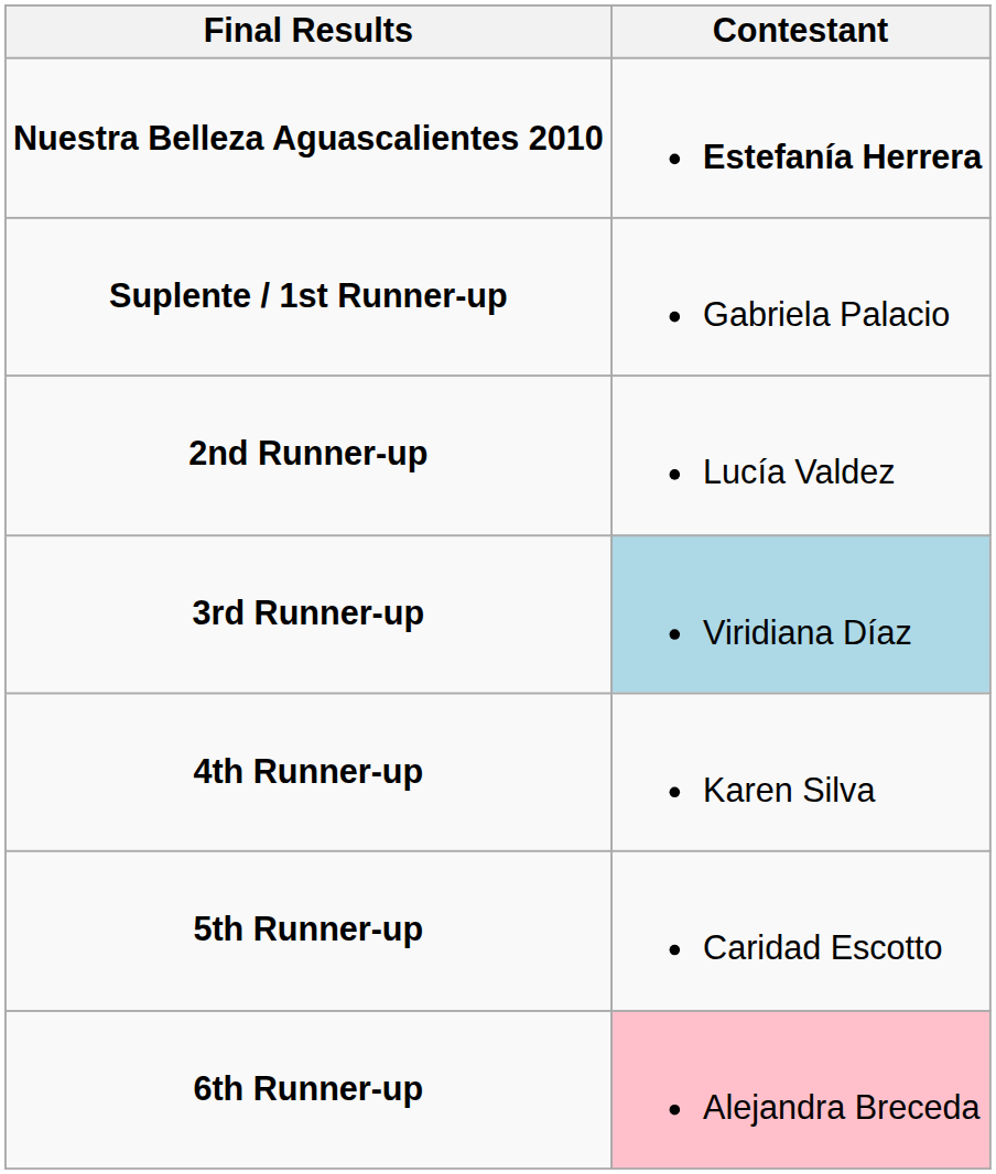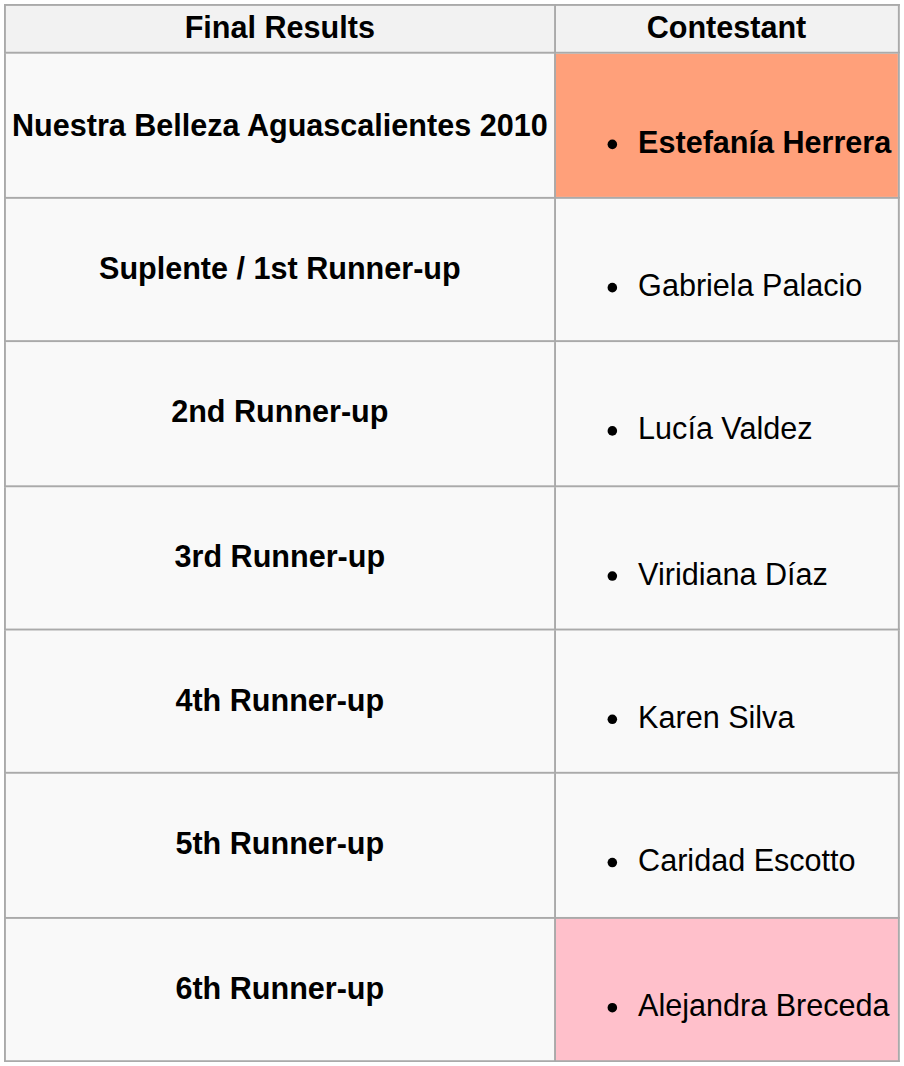 <table class="wikitable">
 <tr>
 <th>Final Results</th>
 <th>Contestant</th>
 </tr>
 <tr>
 <td align="center"><strong>Nuestra Belleza Aguascalientes 2010</strong></td>
-<td><br><ul><li><strong>Estefanía Herrera</strong></li></ul></td>
+<td style="background: lightsalmon;"><br><ul><li><strong>Estefanía Herrera</strong></li></ul></td>
 </tr>
 <tr>
 <td align="center"><strong>Suplente / 1st Runner-up</strong></td>
 <td><br><ul><li>Gabriela Palacio</li></ul></td>
 </tr>
 <tr>
 <td align="center"><strong>2nd Runner-up</strong></td>
 <td><br><ul><li>Lucía Valdez</li></ul></td>
 </tr>
 <tr>
 <td align="center"><strong>3rd Runner-up</strong></td>
-<td style="background: lightblue;"><br><ul><li>Viridiana Díaz</li></ul></td>
+<td><br><ul><li>Viridiana Díaz</li></ul></td>
 </tr>
 <tr>
 <td align="center"><strong>4th Runner-up</strong></td>
 <td><br><ul><li>Karen Silva</li></ul></td>
 </tr>
 <tr>
 <td align="center"><strong>5th Runner-up</strong></td>
 <td><br><ul><li>Caridad Escotto</li></ul></td>
 </tr>
 <tr>
 <td align="center"><strong>6th Runner-up</strong></td>
 <td style="background: pink;"><br><ul><li>Alejandra Breceda</li></ul></td>
 </tr>
 </table>
